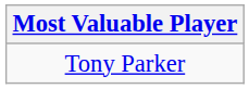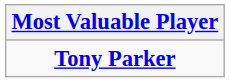 <table class=wikitable style="text-align:center; margin:auto">
 <tr>
 <th><a href='#'>Most Valuable Player</a></th>
 </tr>
 <tr>
-<td> <a href='#'>Tony Parker</a></td>
+<td><strong> <a href='#'>Tony Parker</a></strong></td>
 </tr>
 </table>
